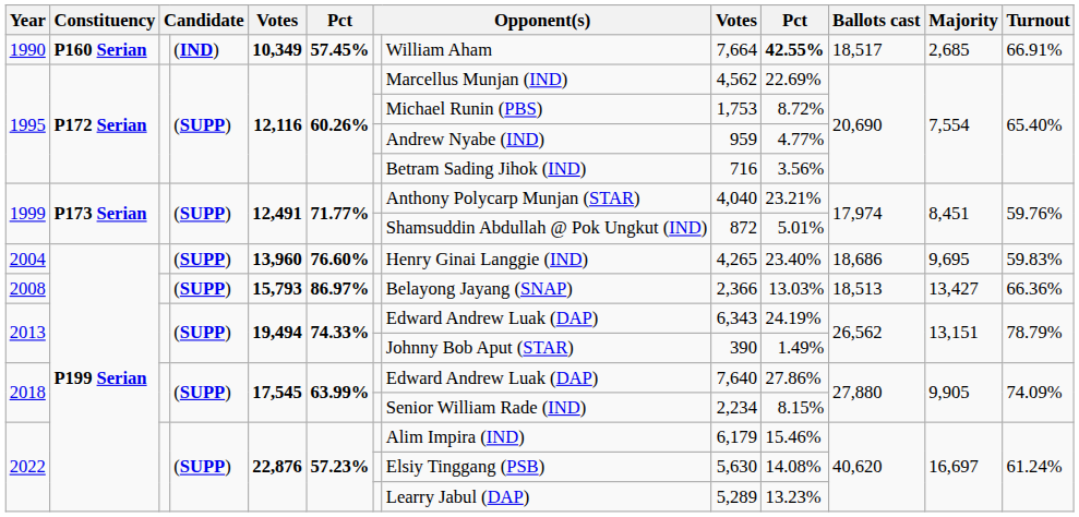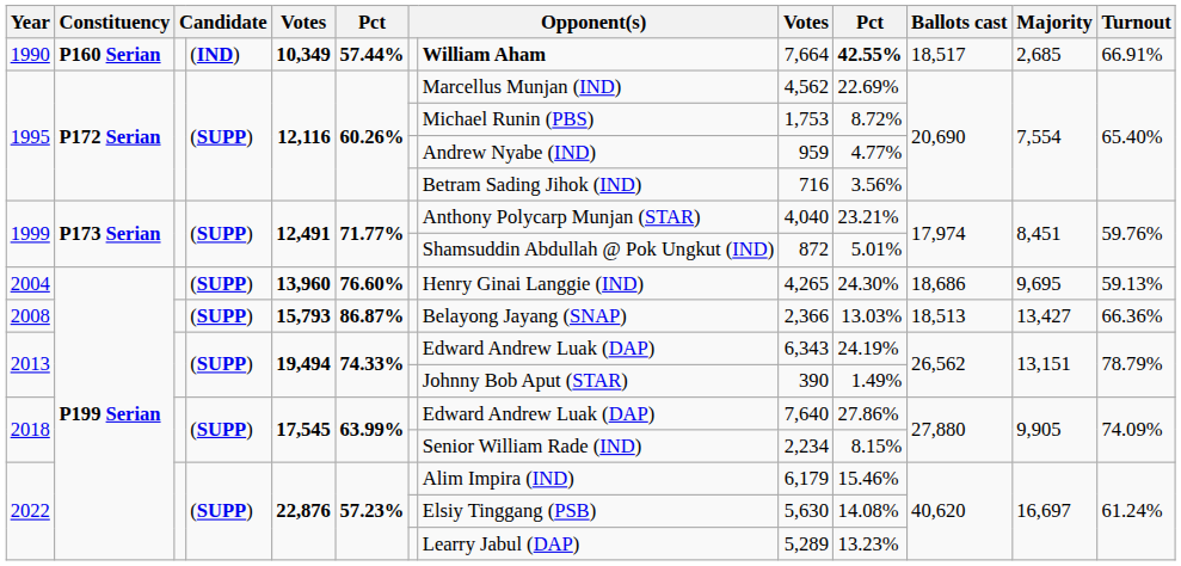 <table class="wikitable" style="margin:0.5em ; font-size:95%">
 <tr>
 <th>Year</th>
 <th>Constituency</th>
 <th colspan=2>Candidate</th>
 <th>Votes</th>
 <th>Pct</th>
 <th colspan=2>Opponent(s)</th>
 <th>Votes</th>
 <th>Pct</th>
 <th>Ballots cast</th>
 <th>Majority</th>
 <th>Turnout</th>
 </tr>
 <tr>
 <td><a href='#'>1990</a></td>
 <td><strong>P160 <a href='#'>Serian</a></strong></td>
 <td></td>
 <td> (<a href='#'><strong>IND</strong></a>)</td>
 <td align="right"><strong>10,349</strong></td>
-<td><strong>57.45%</strong></td>
+<td><strong>57.44%</strong></td>
 <td></td>
-<td>William Aham</td>
+<td><strong>William Aham</strong></td>
 <td align="right">7,664</td>
 <td><strong>42.55%</strong></td>
 <td>18,517</td>
 <td>2,685</td>
 <td>66.91%</td>
 </tr>
 <tr>
 <td rowspan="4"><a href='#'>1995</a></td>
 <td rowspan="4"><strong>P172 <a href='#'>Serian</a></strong></td>
 <td rowspan="4" ></td>
 <td rowspan="4"> (<a href='#'><strong>SUPP</strong></a>)</td>
 <td rowspan="4" align="right"><strong>12,116</strong></td>
 <td rowspan="4"><strong>60.26%</strong></td>
 <td></td>
 <td>Marcellus Munjan (<a href='#'>IND</a>)</td>
 <td align="right">4,562</td>
 <td>22.69%</td>
 <td rowspan="4">20,690</td>
 <td rowspan="4">7,554</td>
 <td rowspan="4">65.40%</td>
 </tr>
 <tr>
 <td></td>
 <td>Michael Runin (<a href='#'>PBS</a>)</td>
 <td align="right">1,753</td>
 <td align="right">8.72%</td>
 </tr>
 <tr>
 <td></td>
 <td>Andrew Nyabe (<a href='#'>IND</a>)</td>
 <td align="right">959</td>
 <td align="right">4.77%</td>
 </tr>
 <tr>
 <td></td>
 <td>Betram Sading Jihok (<a href='#'>IND</a>)</td>
 <td align="right">716</td>
 <td align="right">3.56%</td>
 </tr>
 <tr>
 <td rowspan="2"><a href='#'>1999</a></td>
 <td rowspan="2"><strong>P173 <a href='#'>Serian</a></strong></td>
 <td rowspan="2" ></td>
 <td rowspan="2"> (<a href='#'><strong>SUPP</strong></a>)</td>
 <td rowspan="2" align="right"><strong>12,491</strong></td>
 <td rowspan="2"><strong>71.77%</strong></td>
 <td></td>
 <td>Anthony Polycarp Munjan (<a href='#'>STAR</a>)</td>
 <td align="right">4,040</td>
 <td>23.21%</td>
 <td rowspan="2">17,974</td>
 <td rowspan="2">8,451</td>
 <td rowspan="2">59.76%</td>
 </tr>
 <tr>
 <td></td>
 <td>Shamsuddin Abdullah @ Pok Ungkut (<a href='#'>IND</a>)</td>
 <td align="right">872</td>
 <td align="right">5.01%</td>
 </tr>
 <tr>
 <td><a href='#'>2004</a></td>
 <td rowspan=9><strong>P199 <a href='#'>Serian</a></strong></td>
 <td></td>
 <td> (<a href='#'><strong>SUPP</strong></a>)</td>
 <td align="right"><strong>13,960</strong></td>
 <td><strong>76.60%</strong></td>
 <td></td>
 <td>Henry Ginai Langgie (<a href='#'>IND</a>)</td>
 <td align="right">4,265</td>
-<td>23.40%</td>
+<td>24.30%</td>
 <td>18,686</td>
 <td>9,695</td>
-<td>59.83%</td>
+<td>59.13%</td>
 </tr>
 <tr>
 <td><a href='#'>2008</a></td>
 <td></td>
 <td> (<a href='#'><strong>SUPP</strong></a>)</td>
 <td align="right"><strong>15,793</strong></td>
-<td><strong>86.97%</strong></td>
+<td><strong>86.87%</strong></td>
 <td></td>
 <td>Belayong Jayang (<a href='#'>SNAP</a>)</td>
 <td align="right">2,366</td>
 <td align="right">13.03%</td>
 <td>18,513</td>
 <td>13,427</td>
 <td>66.36%</td>
 </tr>
 <tr>
 <td rowspan="2"><a href='#'>2013</a></td>
 <td rowspan="2" ></td>
 <td rowspan="2"> (<a href='#'><strong>SUPP</strong></a>)</td>
 <td rowspan="2" align="right"><strong>19,494</strong></td>
 <td rowspan="2"><strong>74.33%</strong></td>
 <td></td>
 <td>Edward Andrew Luak (<a href='#'>DAP</a>)</td>
 <td align="right">6,343</td>
 <td>24.19%</td>
 <td rowspan="2">26,562</td>
 <td rowspan="2">13,151</td>
 <td rowspan="2">78.79%</td>
 </tr>
 <tr>
 <td></td>
 <td>Johnny Bob Aput (<a href='#'>STAR</a>)</td>
 <td align="right">390</td>
 <td align="right">1.49%</td>
 </tr>
 <tr>
 <td rowspan="2"><a href='#'>2018</a></td>
 <td rowspan="2" ></td>
 <td rowspan="2"> (<a href='#'><strong>SUPP</strong></a>)</td>
 <td rowspan="2" align="right"><strong>17,545</strong></td>
 <td rowspan="2"><strong>63.99%</strong></td>
 <td></td>
 <td>Edward Andrew Luak (<a href='#'>DAP</a>)</td>
 <td align="right">7,640</td>
 <td>27.86%</td>
 <td rowspan="2">27,880</td>
 <td rowspan="2">9,905</td>
 <td rowspan="2">74.09%</td>
 </tr>
 <tr>
 <td></td>
 <td>Senior William Rade (<a href='#'>IND</a>)</td>
 <td align="right">2,234</td>
 <td align="right">8.15%</td>
 </tr>
 <tr>
 <td rowspan="3"><a href='#'>2022</a></td>
 <td rowspan="3" ></td>
 <td rowspan="3"> (<a href='#'><strong>SUPP</strong></a>)</td>
 <td rowspan="3" align="right"><strong>22,876</strong></td>
 <td rowspan="3"><strong>57.23%</strong></td>
 <td></td>
 <td>Alim Impira (<a href='#'>IND</a>)</td>
 <td align="right">6,179</td>
 <td>15.46%</td>
 <td rowspan="3">40,620</td>
 <td rowspan="3">16,697</td>
 <td rowspan="3">61.24%</td>
 </tr>
 <tr>
 <td style="background-color:"></td>
 <td>Elsiy Tinggang	(<a href='#'>PSB</a>)</td>
 <td style="text-align:right;">5,630</td>
 <td>14.08%</td>
 </tr>
 <tr>
 <td></td>
 <td>Learry Jabul (<a href='#'>DAP</a>)</td>
 <td align="right">5,289</td>
 <td>13.23%</td>
 </tr>
 </table>
